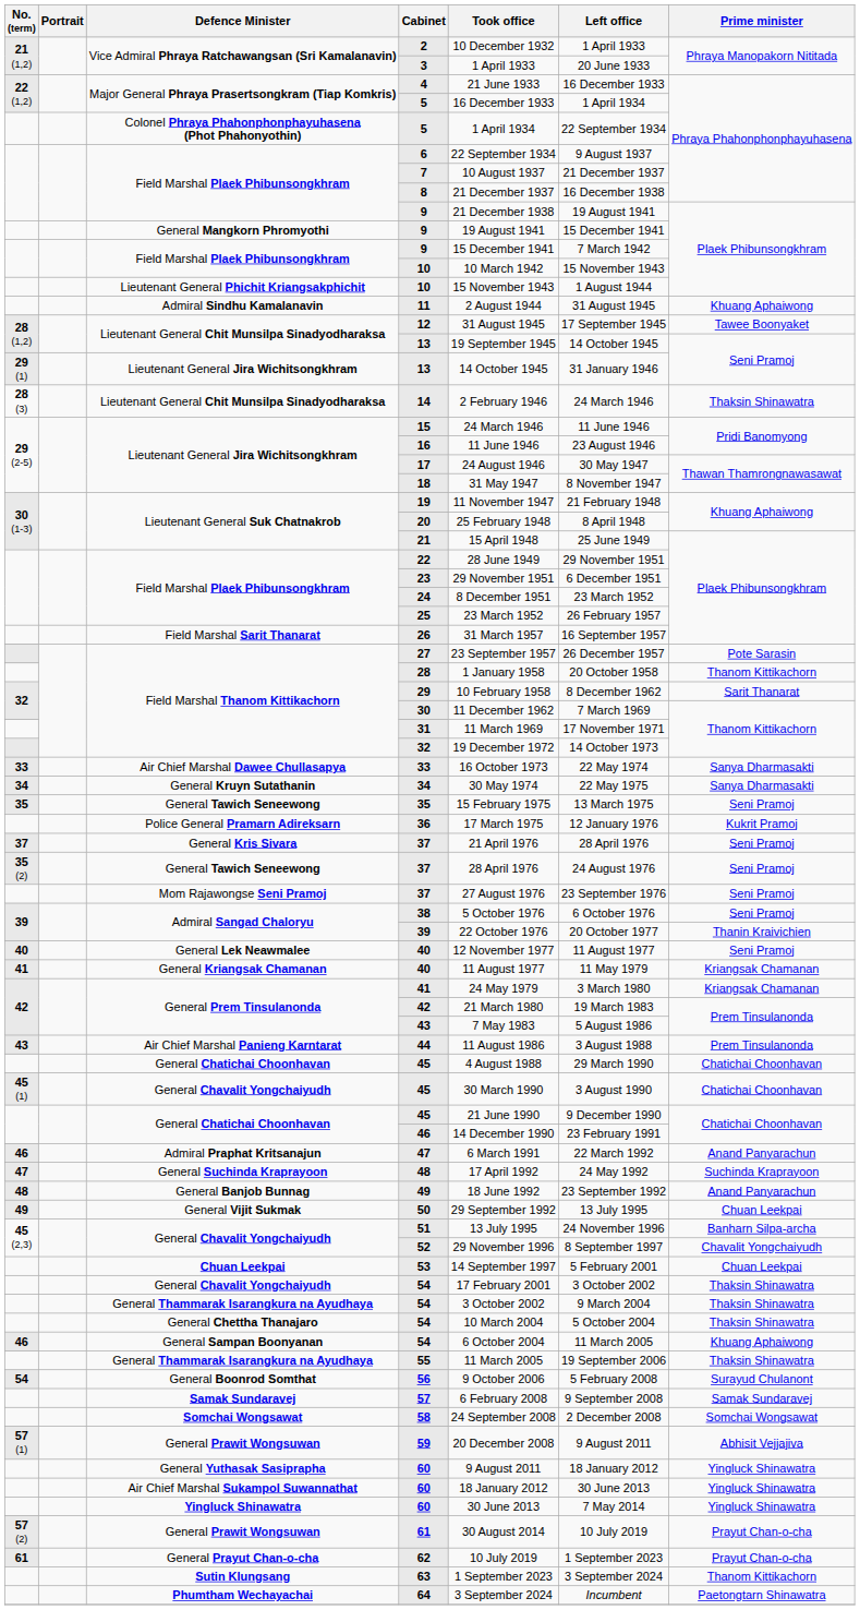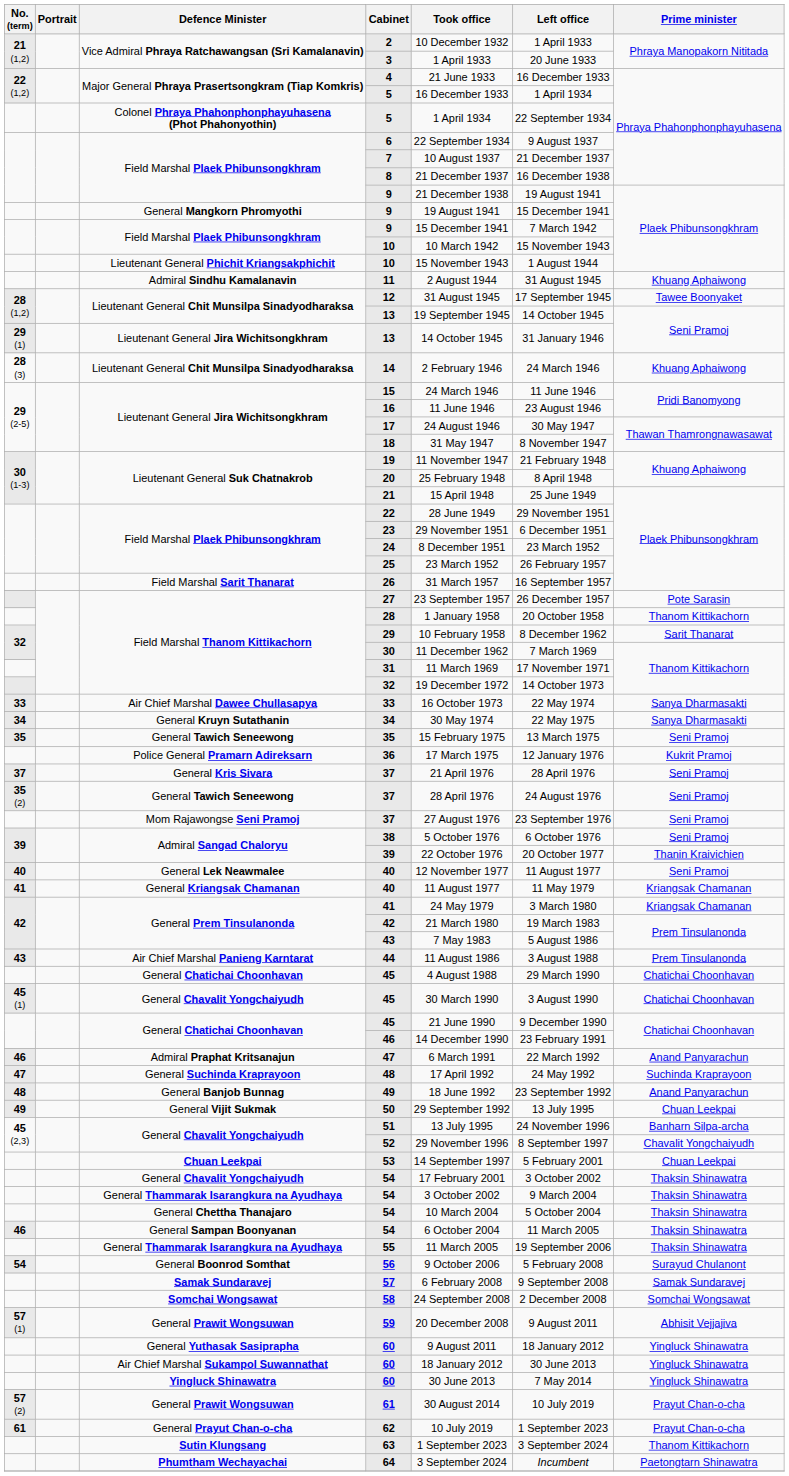 <table class="wikitable" style="text-align:center; font-size: 95%;">
 <tr style="background:#cccccc">
 <th><strong>No.</strong><br><small>(term)</small></th>
 <th><strong>Portrait</strong></th>
 <th><strong>Defence Minister</strong></th>
 <th><strong>Cabinet</strong></th>
 <th><strong>Took office</strong></th>
 <th><strong>Left office</strong></th>
 <th><strong><a href='#'>Prime minister</a></strong></th>
 </tr>
 <tr>
 <td rowspan=2 bgcolor="#E9E9E9"><strong>21</strong><br><small>(1,2)</small></td>
 <td rowspan=2></td>
 <td rowspan=2>Vice Admiral <strong>Phraya Ratchawangsan (Sri Kamalanavin)</strong><br></td>
 <td bgcolor="#E9E9E9"><strong>2</strong></td>
 <td>10 December 1932</td>
 <td>1 April 1933</td>
 <td rowspan=2><a href='#'>Phraya Manopakorn Nititada</a></td>
 </tr>
 <tr>
 <td bgcolor="#E9E9E9"><strong>3</strong></td>
 <td>1 April 1933</td>
 <td>20 June 1933</td>
 </tr>
 <tr>
 <td rowspan=2 bgcolor="#E9E9E9"><strong>22</strong><br><small>(1,2)</small></td>
 <td rowspan=2></td>
 <td rowspan=2>Major General <strong>Phraya Prasertsongkram (Tiap Komkris)</strong><br></td>
 <td bgcolor="#E9E9E9"><strong>4</strong></td>
 <td>21 June 1933</td>
 <td>16 December 1933</td>
 <td rowspan=6><a href='#'>Phraya Phahonphonphayuhasena</a></td>
 </tr>
 <tr>
 <td bgcolor="#E9E9E9"><strong>5</strong></td>
 <td>16 December 1933</td>
 <td>1 April 1934</td>
 </tr>
 <tr>
 <td style="background:"></td>
 <td rowspan=1></td>
 <td rowspan=1>Colonel <strong><a href='#'>Phraya Phahonphonphayuhasena</a> <br>(Phot Phahonyothin)</strong><br></td>
 <td bgcolor="#E9E9E9"><strong>5</strong></td>
 <td>1 April 1934</td>
 <td>22 September 1934</td>
 </tr>
 <tr>
 <td rowspan=4 style="background:"></td>
 <td rowspan=4></td>
 <td rowspan="4">Field Marshal <strong><a href='#'>Plaek Phibunsongkhram</a></strong><br></td>
 <td bgcolor="#E9E9E9"><strong>6</strong></td>
 <td>22 September 1934</td>
 <td>9 August 1937</td>
 </tr>
 <tr>
 <td bgcolor="#E9E9E9"><strong>7</strong></td>
 <td>10 August 1937</td>
 <td>21 December 1937</td>
 </tr>
 <tr>
 <td bgcolor="#E9E9E9"><strong>8</strong></td>
 <td>21 December 1937</td>
 <td>16 December 1938</td>
 </tr>
 <tr>
 <td bgcolor="#E9E9E9"><strong>9</strong></td>
 <td>21 December 1938</td>
 <td>19 August 1941</td>
 <td rowspan=5><a href='#'>Plaek Phibunsongkhram</a></td>
 </tr>
 <tr>
 <td rowspan=1 style="background:"></td>
 <td rowspan=1></td>
 <td rowspan=1>General <strong>Mangkorn Phromyothi</strong><br></td>
 <td bgcolor="#E9E9E9"><strong>9</strong></td>
 <td>19 August 1941</td>
 <td>15 December 1941</td>
 </tr>
 <tr>
 <td rowspan=2 style="background:"></td>
 <td rowspan=2></td>
 <td rowspan="2">Field Marshal <strong><a href='#'>Plaek Phibunsongkhram</a></strong><br></td>
 <td bgcolor="#E9E9E9"><strong>9</strong></td>
 <td>15 December 1941</td>
 <td>7 March 1942</td>
 </tr>
 <tr>
 <td bgcolor="#E9E9E9"><strong>10</strong></td>
 <td>10 March 1942</td>
 <td>15 November 1943</td>
 </tr>
 <tr>
 <td rowspan=1 style="background:"></td>
 <td rowspan=1></td>
 <td>Lieutenant General <strong><a href='#'>Phichit Kriangsakphichit</a></strong><br></td>
 <td bgcolor="#E9E9E9"><strong>10</strong></td>
 <td>15 November 1943</td>
 <td>1 August 1944</td>
 </tr>
 <tr>
 <td rowspan=1 style="background:"></td>
 <td rowspan=1></td>
 <td rowspan=1>Admiral <strong>Sindhu Kamalanavin</strong><br></td>
 <td bgcolor="#E9E9E9"><strong>11</strong></td>
 <td>2 August 1944</td>
 <td>31 August 1945</td>
 <td rowspan=1><a href='#'>Khuang Aphaiwong</a></td>
 </tr>
 <tr>
 <td rowspan=2 bgcolor="#E9E9E9"><strong>28</strong><br><small>(1,2)</small></td>
 <td rowspan=2></td>
 <td rowspan=2>Lieutenant General <strong>Chit Munsilpa Sinadyodharaksa</strong><br></td>
 <td bgcolor="#E9E9E9"><strong>12</strong></td>
 <td>31 August 1945</td>
 <td>17 September 1945</td>
 <td rowspan=1><a href='#'>Tawee Boonyaket</a></td>
 </tr>
 <tr>
 <td bgcolor="#E9E9E9"><strong>13</strong></td>
 <td>19 September 1945</td>
 <td>14 October 1945</td>
 <td rowspan=2><a href='#'>Seni Pramoj</a></td>
 </tr>
 <tr>
 <td rowspan=1 bgcolor="#E9E9E9"><strong>29</strong><br><small>(1)</small></td>
 <td rowspan=1></td>
 <td rowspan=1>Lieutenant General <strong>Jira Wichitsongkhram</strong><br></td>
 <td bgcolor="#E9E9E9"><strong>13</strong></td>
 <td>14 October 1945</td>
 <td>31 January 1946</td>
 </tr>
 <tr>
 <td rowspan=1><strong>28</strong><br><small>(3)</small></td>
 <td rowspan=1></td>
 <td rowspan=1>Lieutenant General <strong>Chit Munsilpa Sinadyodharaksa</strong><br></td>
 <td bgcolor="#E9E9E9"><strong>14</strong></td>
 <td>2 February 1946</td>
 <td>24 March 1946</td>
-<td><a href='#'>Thaksin Shinawatra</a></td>
+<td rowspan=1><a href='#'>Khuang Aphaiwong</a></td>
 </tr>
 <tr>
 <td rowspan=4><strong>29</strong><br><small>(2-5)</small></td>
 <td rowspan=4></td>
 <td rowspan=4>Lieutenant General <strong>Jira Wichitsongkhram</strong><br></td>
 <td bgcolor="#E9E9E9"><strong>15</strong></td>
 <td>24 March 1946</td>
 <td>11 June 1946</td>
 <td rowspan=2><a href='#'>Pridi Banomyong</a></td>
 </tr>
 <tr>
 <td bgcolor="#E9E9E9"><strong>16</strong></td>
 <td>11 June 1946</td>
 <td>23 August 1946</td>
 </tr>
 <tr>
 <td bgcolor="#E9E9E9"><strong>17</strong></td>
 <td>24 August 1946</td>
 <td>30 May 1947</td>
 <td rowspan=2><a href='#'>Thawan Thamrongnawasawat</a></td>
 </tr>
 <tr>
 <td bgcolor="#E9E9E9"><strong>18</strong></td>
 <td>31 May 1947</td>
 <td>8 November 1947</td>
 </tr>
 <tr>
 <td rowspan=3 bgcolor="#E9E9E9"><strong>30</strong><br><small>(1-3)</small></td>
 <td rowspan=3></td>
 <td rowspan=3>Lieutenant General <strong>Suk Chatnakrob</strong><br></td>
 <td bgcolor="#E9E9E9"><strong>19</strong></td>
 <td>11 November 1947</td>
 <td>21 February 1948</td>
 <td rowspan=2><a href='#'>Khuang Aphaiwong</a></td>
 </tr>
 <tr>
 <td bgcolor="#E9E9E9"><strong>20</strong></td>
 <td>25 February 1948</td>
 <td>8 April 1948</td>
 </tr>
 <tr>
 <td bgcolor="#E9E9E9"><strong>21</strong></td>
 <td>15 April 1948</td>
 <td>25 June 1949</td>
 <td rowspan=6><a href='#'>Plaek Phibunsongkhram</a></td>
 </tr>
 <tr>
 <td rowspan=4 style="background:"></td>
 <td rowspan=4></td>
 <td rowspan="4">Field Marshal <strong><a href='#'>Plaek Phibunsongkhram</a></strong><br></td>
 <td bgcolor="#E9E9E9"><strong>22</strong></td>
 <td>28 June 1949</td>
 <td>29 November 1951</td>
 </tr>
 <tr>
 <td bgcolor="#E9E9E9"><strong>23</strong></td>
 <td>29 November 1951</td>
 <td>6 December 1951</td>
 </tr>
 <tr>
 <td bgcolor="#E9E9E9"><strong>24</strong></td>
 <td>8 December 1951</td>
 <td>23 March 1952</td>
 </tr>
 <tr>
 <td bgcolor="#E9E9E9"><strong>25</strong></td>
 <td>23 March 1952</td>
 <td>26 February 1957</td>
 </tr>
 <tr>
 <td style="background:"></td>
 <td></td>
 <td>Field Marshal <strong><a href='#'>Sarit Thanarat</a></strong><br></td>
 <td bgcolor="#E9E9E9"><strong>26</strong></td>
 <td>31 March 1957</td>
 <td>16 September 1957</td>
 </tr>
 <tr>
 <td rowspan=1 bgcolor="#E9E9E9"></td>
 <td rowspan=6></td>
 <td rowspan="6">Field Marshal <strong><a href='#'>Thanom Kittikachorn</a></strong><br></td>
 <td bgcolor="#E9E9E9"><strong>27</strong></td>
 <td>23 September 1957</td>
 <td>26 December 1957</td>
 <td><a href='#'>Pote Sarasin</a></td>
 </tr>
 <tr>
 <td style="background:"></td>
 <td bgcolor="#E9E9E9"><strong>28</strong></td>
 <td>1 January 1958</td>
 <td>20 October 1958</td>
 <td><a href='#'>Thanom Kittikachorn</a></td>
 </tr>
 <tr>
 <td rowspan=2 bgcolor="#E9E9E9"><strong>32</strong></td>
 <td bgcolor="#E9E9E9"><strong>29</strong></td>
 <td>10 February 1958</td>
 <td>8 December 1962</td>
 <td><a href='#'>Sarit Thanarat</a></td>
 </tr>
 <tr>
 <td bgcolor="#E9E9E9"><strong>30</strong></td>
 <td>11 December 1962</td>
 <td>7 March 1969</td>
 <td rowspan=3><a href='#'>Thanom Kittikachorn</a></td>
 </tr>
 <tr>
 <td style="background:"></td>
 <td bgcolor="#E9E9E9"><strong>31</strong></td>
 <td>11 March 1969</td>
 <td>17 November 1971</td>
 </tr>
 <tr>
 <td bgcolor="#E9E9E9"></td>
 <td bgcolor="#E9E9E9"><strong>32</strong></td>
 <td>19 December 1972</td>
 <td>14 October 1973</td>
 </tr>
 <tr>
 <td bgcolor="#E9E9E9"><strong>33</strong></td>
 <td></td>
 <td>Air Chief Marshal <strong><a href='#'>Dawee Chullasapya</a></strong></td>
 <td bgcolor="#E9E9E9"><strong>33</strong></td>
 <td>16 October 1973</td>
 <td>22 May 1974</td>
 <td><a href='#'>Sanya Dharmasakti</a></td>
 </tr>
 <tr>
 <td bgcolor="#E9E9E9"><strong>34</strong></td>
 <td></td>
 <td>General <strong>Kruyn Sutathanin</strong></td>
 <td bgcolor="#E9E9E9"><strong>34</strong></td>
 <td>30 May 1974</td>
 <td>22 May 1975</td>
 <td><a href='#'>Sanya Dharmasakti</a></td>
 </tr>
 <tr>
 <td bgcolor="#E9E9E9"><strong>35</strong></td>
 <td></td>
 <td>General <strong>Tawich Seneewong</strong></td>
 <td bgcolor="#E9E9E9"><strong>35</strong></td>
 <td>15 February 1975</td>
 <td>13 March 1975</td>
 <td><a href='#'>Seni Pramoj</a></td>
 </tr>
 <tr>
 <td style="background:"></td>
 <td></td>
 <td>Police General <strong><a href='#'>Pramarn Adireksarn</a></strong></td>
 <td bgcolor="#E9E9E9"><strong>36</strong></td>
 <td>17 March 1975</td>
 <td>12 January 1976</td>
 <td><a href='#'>Kukrit Pramoj</a></td>
 </tr>
 <tr>
 <td bgcolor="#E9E9E9"><strong>37</strong></td>
 <td></td>
 <td>General <strong><a href='#'>Kris Sivara</a></strong></td>
 <td bgcolor="#E9E9E9"><strong>37</strong></td>
 <td>21 April 1976</td>
 <td>28 April 1976</td>
 <td><a href='#'>Seni Pramoj</a></td>
 </tr>
 <tr>
 <td bgcolor="#E9E9E9"><strong>35</strong><br><small>(2)</small></td>
 <td></td>
 <td>General <strong>Tawich Seneewong</strong></td>
 <td bgcolor="#E9E9E9"><strong>37</strong></td>
 <td>28 April 1976</td>
 <td>24 August 1976</td>
 <td><a href='#'>Seni Pramoj</a></td>
 </tr>
 <tr>
 <td style="background:"></td>
 <td></td>
 <td>Mom Rajawongse <strong><a href='#'>Seni Pramoj</a></strong></td>
 <td bgcolor="#E9E9E9"><strong>37</strong></td>
 <td>27 August 1976</td>
 <td>23 September 1976</td>
 <td><a href='#'>Seni Pramoj</a></td>
 </tr>
 <tr>
 <td rowspan=2 bgcolor="#E9E9E9"><strong>39</strong></td>
 <td rowspan=2></td>
 <td rowspan=2>Admiral <strong><a href='#'>Sangad Chaloryu</a></strong></td>
 <td bgcolor="#E9E9E9"><strong>38</strong></td>
 <td>5 October 1976</td>
 <td>6 October 1976</td>
 <td><a href='#'>Seni Pramoj</a></td>
 </tr>
 <tr>
 <td bgcolor="#E9E9E9"><strong>39</strong></td>
 <td>22 October 1976</td>
 <td>20 October 1977</td>
 <td><a href='#'>Thanin Kraivichien</a></td>
 </tr>
 <tr>
 <td bgcolor="#E9E9E9"><strong>40</strong></td>
 <td></td>
 <td>General <strong>Lek Neawmalee</strong></td>
 <td bgcolor="#E9E9E9"><strong>40</strong></td>
 <td>12 November 1977</td>
 <td>11 August 1977</td>
 <td><a href='#'>Seni Pramoj</a></td>
 </tr>
 <tr>
 <td bgcolor="#E9E9E9"><strong>41</strong></td>
 <td></td>
 <td>General <strong><a href='#'>Kriangsak Chamanan</a></strong></td>
 <td bgcolor="#E9E9E9"><strong>40</strong></td>
 <td>11 August 1977</td>
 <td>11 May 1979</td>
 <td><a href='#'>Kriangsak Chamanan</a></td>
 </tr>
 <tr>
 <td rowspan=3 bgcolor="#E9E9E9"><strong>42</strong></td>
 <td rowspan=3></td>
 <td rowspan=3>General <strong><a href='#'>Prem Tinsulanonda</a></strong></td>
 <td bgcolor="#E9E9E9"><strong>41</strong></td>
 <td>24 May 1979</td>
 <td>3 March 1980</td>
 <td><a href='#'>Kriangsak Chamanan</a></td>
 </tr>
 <tr>
 <td bgcolor="#E9E9E9"><strong>42</strong></td>
 <td>21 March 1980</td>
 <td>19 March 1983</td>
 <td rowspan=2><a href='#'>Prem Tinsulanonda</a></td>
 </tr>
 <tr>
 <td bgcolor="#E9E9E9"><strong>43</strong></td>
 <td>7 May 1983</td>
 <td>5 August 1986</td>
 </tr>
 <tr>
 <td bgcolor="#E9E9E9"><strong>43</strong></td>
 <td></td>
 <td>Air Chief Marshal <strong><a href='#'>Panieng Karntarat</a></strong></td>
 <td bgcolor="#E9E9E9"><strong>44</strong></td>
 <td>11 August 1986</td>
 <td>3 August 1988</td>
 <td><a href='#'>Prem Tinsulanonda</a></td>
 </tr>
 <tr>
 <td style="background:"></td>
 <td></td>
 <td>General <strong><a href='#'>Chatichai Choonhavan</a></strong></td>
 <td bgcolor="#E9E9E9"><strong>45</strong></td>
 <td>4 August 1988</td>
 <td>29 March 1990</td>
 <td><a href='#'>Chatichai Choonhavan</a></td>
 </tr>
 <tr>
 <td bgcolor="#E9E9E9"><strong>45</strong><br><small>(1)</small></td>
 <td></td>
 <td>General <strong><a href='#'>Chavalit Yongchaiyudh</a></strong></td>
 <td bgcolor="#E9E9E9"><strong>45</strong></td>
 <td>30 March 1990</td>
 <td>3 August 1990</td>
 <td><a href='#'>Chatichai Choonhavan</a></td>
 </tr>
 <tr>
 <td rowspan=2 style="background:"></td>
 <td rowspan=2></td>
 <td rowspan=2>General <strong><a href='#'>Chatichai Choonhavan</a></strong></td>
 <td bgcolor="#E9E9E9"><strong>45</strong></td>
 <td>21 June 1990</td>
 <td>9 December 1990</td>
 <td rowspan=2><a href='#'>Chatichai Choonhavan</a></td>
 </tr>
 <tr>
 <td bgcolor="#E9E9E9"><strong>46</strong></td>
 <td>14 December 1990</td>
 <td>23 February 1991</td>
 </tr>
 <tr>
 <td bgcolor="#E9E9E9"><strong>46</strong></td>
 <td></td>
 <td>Admiral <strong>Praphat Kritsanajun</strong></td>
 <td bgcolor="#E9E9E9"><strong>47</strong></td>
 <td>6 March 1991</td>
 <td>22 March 1992</td>
 <td><a href='#'>Anand Panyarachun</a></td>
 </tr>
 <tr>
 <td bgcolor="#E9E9E9"><strong>47</strong></td>
 <td></td>
 <td>General <strong><a href='#'>Suchinda Kraprayoon</a></strong></td>
 <td bgcolor="#E9E9E9"><strong>48</strong></td>
 <td>17 April 1992</td>
 <td>24 May 1992</td>
 <td><a href='#'>Suchinda Kraprayoon</a></td>
 </tr>
 <tr>
 <td bgcolor="#E9E9E9"><strong>48</strong></td>
 <td></td>
 <td>General <strong>Banjob Bunnag</strong></td>
 <td bgcolor="#E9E9E9"><strong>49</strong></td>
 <td>18 June 1992</td>
 <td>23 September 1992</td>
 <td><a href='#'>Anand Panyarachun</a></td>
 </tr>
 <tr>
 <td bgcolor="#E9E9E9"><strong>49</strong></td>
 <td></td>
 <td>General <strong>Vijit Sukmak</strong></td>
 <td bgcolor="#E9E9E9"><strong>50</strong></td>
 <td>29 September 1992</td>
 <td>13 July 1995</td>
 <td><a href='#'>Chuan Leekpai</a></td>
 </tr>
 <tr>
 <td rowspan=2 style="background:"><strong>45</strong><br><small>(2,3)</small></td>
 <td rowspan=2></td>
 <td rowspan=2>General <strong><a href='#'>Chavalit Yongchaiyudh</a></strong></td>
 <td bgcolor="#E9E9E9"><strong>51</strong></td>
 <td>13 July 1995</td>
 <td>24 November 1996</td>
 <td><a href='#'>Banharn Silpa-archa</a></td>
 </tr>
 <tr>
 <td bgcolor="#E9E9E9"><strong>52</strong></td>
 <td>29 November 1996</td>
 <td>8 September 1997</td>
 <td><a href='#'>Chavalit Yongchaiyudh</a></td>
 </tr>
 <tr>
 <td style="background:"></td>
 <td></td>
 <td><strong><a href='#'>Chuan Leekpai</a></strong></td>
 <td bgcolor="#E9E9E9"><strong>53</strong></td>
 <td>14 September 1997</td>
 <td>5 February 2001</td>
 <td><a href='#'>Chuan Leekpai</a></td>
 </tr>
 <tr>
 <td style="background:"></td>
 <td></td>
 <td>General <strong><a href='#'>Chavalit Yongchaiyudh</a></strong></td>
 <td bgcolor="#E9E9E9"><strong>54</strong></td>
 <td>17 February 2001</td>
 <td>3 October 2002</td>
 <td><a href='#'>Thaksin Shinawatra</a></td>
 </tr>
 <tr>
 <td style="background:"></td>
 <td></td>
 <td>General <strong><a href='#'>Thammarak Isarangkura na Ayudhaya</a></strong></td>
 <td bgcolor="#E9E9E9"><strong>54</strong></td>
 <td>3 October 2002</td>
 <td>9 March 2004</td>
 <td><a href='#'>Thaksin Shinawatra</a></td>
 </tr>
 <tr>
 <td style="background:"></td>
 <td></td>
 <td>General <strong>Chettha Thanajaro</strong></td>
 <td bgcolor="#E9E9E9"><strong>54</strong></td>
 <td>10 March 2004</td>
 <td>5 October 2004</td>
 <td><a href='#'>Thaksin Shinawatra</a></td>
 </tr>
 <tr>
 <td bgcolor="#E9E9E9"><strong>46</strong></td>
 <td></td>
 <td>General <strong>Sampan Boonyanan</strong></td>
 <td bgcolor="#E9E9E9"><strong>54</strong></td>
 <td>6 October 2004</td>
 <td>11 March 2005</td>
-<td rowspan=1><a href='#'>Khuang Aphaiwong</a></td>
+<td><a href='#'>Thaksin Shinawatra</a></td>
 </tr>
 <tr>
 <td style="background:"></td>
 <td></td>
 <td>General <strong><a href='#'>Thammarak Isarangkura na Ayudhaya</a></strong></td>
 <td bgcolor="#E9E9E9"><strong>55</strong></td>
 <td>11 March 2005</td>
 <td>19 September 2006</td>
 <td><a href='#'>Thaksin Shinawatra</a></td>
 </tr>
 <tr>
 <td bgcolor="#E9E9E9"><strong>54</strong></td>
 <td></td>
 <td>General <strong>Boonrod Somthat</strong></td>
 <td bgcolor="#E9E9E9"><strong><a href='#'>56</a></strong></td>
 <td>9 October 2006</td>
 <td>5 February 2008</td>
 <td><a href='#'>Surayud Chulanont</a></td>
 </tr>
 <tr>
 <td style="background:"></td>
 <td></td>
 <td><strong><a href='#'>Samak Sundaravej</a></strong></td>
 <td bgcolor="#E9E9E9"><strong><a href='#'>57</a></strong></td>
 <td>6 February 2008</td>
 <td>9 September 2008</td>
 <td><a href='#'>Samak Sundaravej</a></td>
 </tr>
 <tr>
 <td style="background:"></td>
 <td></td>
 <td><strong><a href='#'>Somchai Wongsawat</a></strong></td>
 <td bgcolor="#E9E9E9"><strong><a href='#'>58</a></strong></td>
 <td>24 September 2008</td>
 <td>2 December 2008</td>
 <td><a href='#'>Somchai Wongsawat</a></td>
 </tr>
 <tr>
 <td bgcolor="#E9E9E9"><strong>57</strong> <br><small>(1)</small></td>
 <td></td>
 <td>General <strong><a href='#'>Prawit Wongsuwan</a></strong></td>
 <td bgcolor="#E9E9E9"><strong><a href='#'>59</a></strong></td>
 <td>20 December 2008</td>
 <td>9 August 2011</td>
 <td><a href='#'>Abhisit Vejjajiva</a></td>
 </tr>
 <tr>
 <td style="background:"></td>
 <td></td>
 <td>General <strong><a href='#'>Yuthasak Sasiprapha</a></strong></td>
 <td bgcolor="#E9E9E9"><strong><a href='#'>60</a></strong></td>
 <td>9 August 2011</td>
 <td>18 January 2012</td>
 <td><a href='#'>Yingluck Shinawatra</a></td>
 </tr>
 <tr>
 <td style="background:"></td>
 <td></td>
 <td>Air Chief Marshal <strong><a href='#'>Sukampol Suwannathat</a></strong></td>
 <td bgcolor="#E9E9E9"><strong><a href='#'>60</a></strong></td>
 <td>18 January 2012</td>
 <td>30 June 2013</td>
 <td><a href='#'>Yingluck Shinawatra</a></td>
 </tr>
 <tr>
 <td style="background:"></td>
 <td></td>
 <td><strong><a href='#'>Yingluck Shinawatra</a></strong></td>
 <td bgcolor="#E9E9E9"><strong><a href='#'>60</a></strong></td>
 <td>30 June 2013</td>
 <td>7 May 2014</td>
 <td><a href='#'>Yingluck Shinawatra</a></td>
 </tr>
 <tr>
 <td bgcolor="#E9E9E9"><strong>57</strong> <br><small>(2)</small></td>
 <td></td>
 <td>General <strong><a href='#'>Prawit Wongsuwan</a></strong></td>
 <td bgcolor="#E9E9E9"><strong><a href='#'>61</a></strong></td>
 <td>30 August 2014</td>
 <td>10 July 2019</td>
 <td><a href='#'>Prayut Chan-o-cha</a></td>
 </tr>
 <tr>
 <td bgcolor="#E9E9E9"><strong>61</strong></td>
 <td></td>
 <td>General <strong><a href='#'>Prayut Chan-o-cha</a></strong></td>
 <td bgcolor="#E9E9E9"><strong>62</strong></td>
 <td>10 July 2019</td>
 <td>1 September 2023</td>
 <td><a href='#'>Prayut Chan-o-cha</a></td>
 </tr>
 <tr>
 <td style="background:"></td>
 <td></td>
 <td><strong><a href='#'>Sutin Klungsang</a></strong></td>
 <td bgcolor="#E9E9E9"><strong>63</strong></td>
 <td>1 September 2023</td>
 <td>3 September 2024</td>
 <td><a href='#'>Thanom Kittikachorn</a></td>
 </tr>
 <tr>
 <td style="background:"></td>
 <td></td>
 <td><strong><a href='#'>Phumtham Wechayachai</a></strong></td>
 <td bgcolor="#E9E9E9"><strong>64</strong></td>
 <td>3 September 2024</td>
 <td><em>Incumbent</em></td>
 <td><a href='#'>Paetongtarn Shinawatra</a></td>
 </tr>
 <tr>
 </tr>
 </table>
